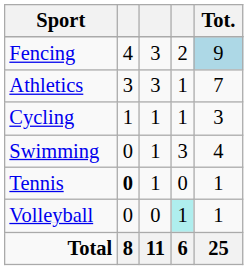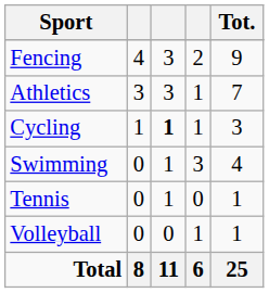 <table class="wikitable" width=30% style="font-size:100%; text-align:center;">
 <tr>
 <th>Sport</th>
 <th></th>
 <th></th>
 <th></th>
 <th>Tot.</th>
 </tr>
 <tr>
 </tr>
 <tr>
 <td align=left> <a href='#'>Fencing</a></td>
 <td>4</td>
 <td>3</td>
 <td>2</td>
-<td style="background: lightblue;">9</td>
+<td>9</td>
 </tr>
 <tr>
 <td align=left> <a href='#'>Athletics</a></td>
 <td>3</td>
 <td>3</td>
 <td>1</td>
 <td>7</td>
 </tr>
 <tr>
 <td align=left> <a href='#'>Cycling</a></td>
 <td>1</td>
-<td>1</td>
+<td><strong>1</strong></td>
 <td>1</td>
 <td>3</td>
 </tr>
 <tr>
 <td align=left> <a href='#'>Swimming</a></td>
 <td>0</td>
 <td>1</td>
 <td>3</td>
 <td>4</td>
 </tr>
 <tr>
 <td align=left> <a href='#'>Tennis</a></td>
-<td><strong>0</strong></td>
+<td>0</td>
 <td>1</td>
 <td>0</td>
 <td>1</td>
 </tr>
 <tr>
 <td align=left> <a href='#'>Volleyball</a></td>
 <td>0</td>
 <td>0</td>
-<td style="background: paleturquoise;">1</td>
+<td>1</td>
 <td>1</td>
 </tr>
 <tr>
 <td align=right><strong>Total</strong></td>
 <th>8</th>
 <th>11</th>
 <th>6</th>
 <th>25</th>
 </tr>
 </table>
